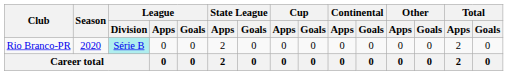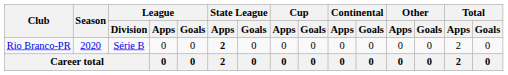 <table class="wikitable" style="text-align: center">
 <tr>
 <th rowspan="2">Club</th>
 <th rowspan="2">Season</th>
 <th colspan="3">League</th>
 <th colspan="2">State League</th>
 <th colspan="2">Cup</th>
 <th colspan="2">Continental</th>
 <th colspan="2">Other</th>
 <th colspan="2">Total</th>
 </tr>
 <tr>
 <th>Division</th>
 <th>Apps</th>
 <th>Goals</th>
 <th>Apps</th>
 <th>Goals</th>
 <th>Apps</th>
 <th>Goals</th>
 <th>Apps</th>
 <th>Goals</th>
 <th>Apps</th>
 <th>Goals</th>
 <th>Apps</th>
 <th>Goals</th>
 </tr>
 <tr>
 <td><a href='#'>Rio Branco-PR</a></td>
 <td><a href='#'>2020</a></td>
-<td style="background: paleturquoise;"><a href='#'>Série B</a></td>
+<td><a href='#'>Série B</a></td>
 <td>0</td>
 <td>0</td>
-<td>2</td>
+<td><strong>2</strong></td>
 <td>0</td>
 <td>0</td>
 <td>0</td>
 <td>0</td>
 <td>0</td>
 <td>0</td>
 <td>0</td>
 <td>2</td>
 <td>0</td>
 </tr>
 <tr>
 <th colspan="3"><strong>Career total</strong></th>
 <th>0</th>
 <th>0</th>
 <th>2</th>
 <th>0</th>
 <th>0</th>
 <th>0</th>
 <th>0</th>
 <th>0</th>
 <th>0</th>
 <th>0</th>
 <th>2</th>
 <th>0</th>
 </tr>
 </table>
